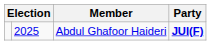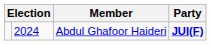 <table class="wikitable">
 <tr>
 <th colspan="2">Election</th>
 <th>Member</th>
 <th>Party</th>
 </tr>
 <tr>
 <td style="background-color: "></td>
-<td><a href='#'>2025</a></td>
+<td><a href='#'>2024</a></td>
 <td><a href='#'>Abdul Ghafoor Haideri</a></td>
 <td><strong><a href='#'>JUI(F)</a></strong></td>
 </tr>
 </table>
